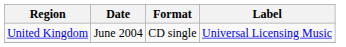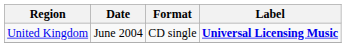 <table class=wikitable>
 <tr>
 <th>Region</th>
 <th>Date</th>
 <th>Format</th>
 <th>Label</th>
 </tr>
 <tr>
 <td><a href='#'>United Kingdom</a></td>
 <td>June 2004</td>
 <td>CD single</td>
-<td><a href='#'>Universal Licensing Music</a></td>
+<td><strong><a href='#'>Universal Licensing Music</a></strong></td>
 </tr>
 <tr>
 </tr>
 </table>
